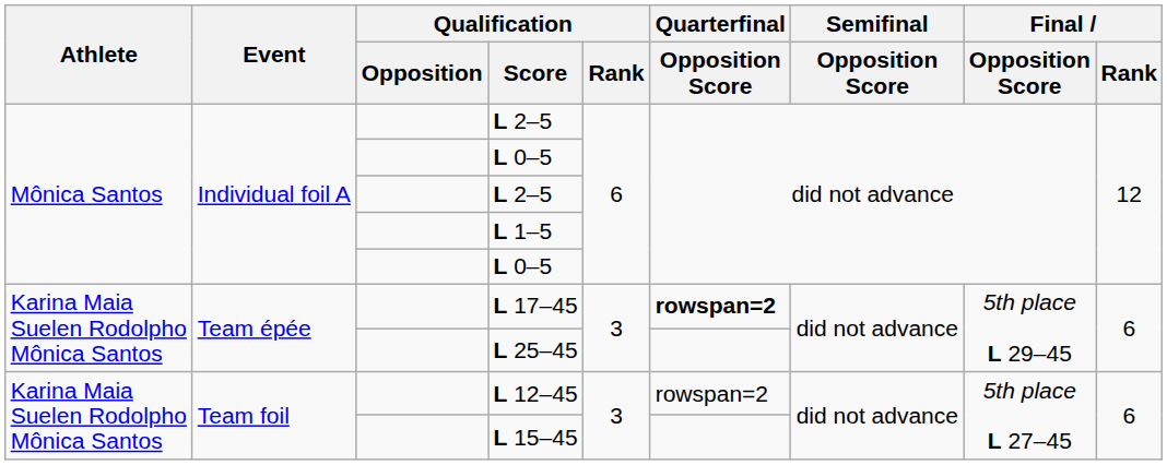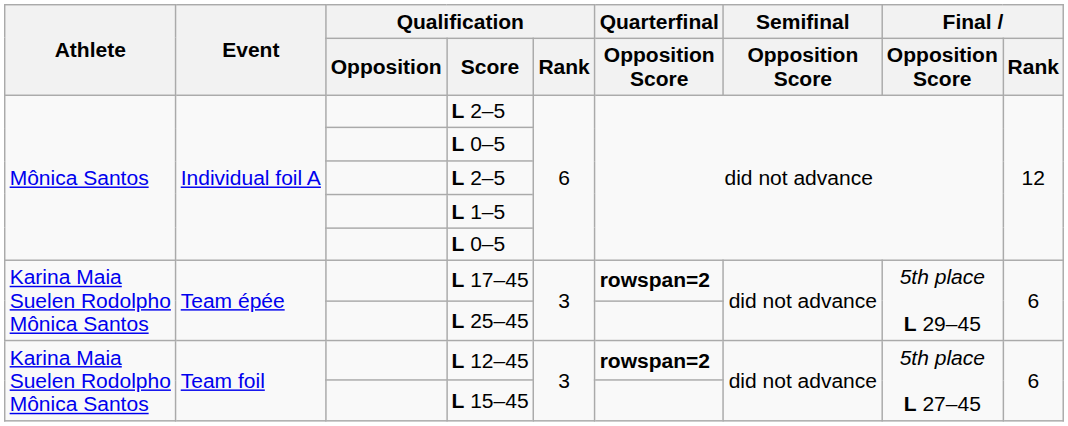 <table class=wikitable style="font-size:90%">
 <tr>
 <th rowspan="2">Athlete</th>
 <th rowspan="2">Event</th>
 <th colspan="3">Qualification</th>
 <th>Quarterfinal</th>
 <th>Semifinal</th>
 <th colspan="2">Final / </th>
 </tr>
 <tr>
 <th>Opposition</th>
 <th>Score</th>
 <th>Rank</th>
 <th>Opposition<br>Score</th>
 <th>Opposition<br>Score</th>
 <th>Opposition<br>Score</th>
 <th>Rank</th>
 </tr>
 <tr>
 <td rowspan=5><a href='#'>Mônica Santos</a></td>
 <td rowspan=5><a href='#'>Individual foil A</a></td>
 <td></td>
 <td><strong>L</strong> 2–5</td>
 <td align="center" rowspan=5>6</td>
 <td align="center" rowspan=5 colspan=3>did not advance</td>
 <td align="center" rowspan=5>12</td>
 </tr>
 <tr>
 <td></td>
 <td><strong>L</strong> 0–5</td>
 </tr>
 <tr>
 <td></td>
 <td><strong>L</strong> 2–5</td>
 </tr>
 <tr>
 <td></td>
 <td><strong>L</strong> 1–5</td>
 </tr>
 <tr>
 <td></td>
 <td><strong>L</strong> 0–5</td>
 </tr>
 <tr>
 <td rowspan=2><a href='#'>Karina Maia</a><br><a href='#'>Suelen Rodolpho</a><br><a href='#'>Mônica Santos</a></td>
 <td rowspan=2><a href='#'>Team épée</a></td>
 <td></td>
 <td><strong>L</strong> 17–45</td>
 <td align="center" rowspan=2>3</td>
 <td><strong>rowspan=2 </strong></td>
 <td align="center" rowspan=2>did not advance</td>
 <td align="center" rowspan=2><em>5th place</em><br><br><strong>L</strong> 29–45</td>
 <td align="center" rowspan=2>6</td>
 </tr>
 <tr>
 <td></td>
 <td><strong>L</strong> 25–45</td>
 </tr>
 <tr>
 <td rowspan=2><a href='#'>Karina Maia</a><br><a href='#'>Suelen Rodolpho</a><br><a href='#'>Mônica Santos</a></td>
 <td rowspan=2><a href='#'>Team foil</a></td>
 <td></td>
 <td><strong>L</strong> 12–45</td>
 <td align="center" rowspan=2>3</td>
-<td>rowspan=2 </td>
+<td><strong>rowspan=2 </strong></td>
 <td align="center" rowspan=2>did not advance</td>
 <td align="center" rowspan=2><em>5th place</em><br><br><strong>L</strong> 27–45</td>
 <td align="center" rowspan=2>6</td>
 </tr>
 <tr>
 <td></td>
 <td><strong>L</strong> 15–45</td>
 </tr>
 </table>
